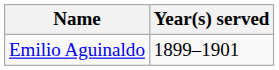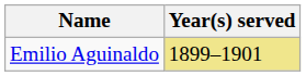 <table class="wikitable sortable">
 <tr>
 <th>Name</th>
 <th>Year(s) served</th>
 </tr>
 <tr>
 <td><a href='#'>Emilio Aguinaldo</a></td>
-<td>1899–1901</td>
+<td style="background: khaki;">1899–1901</td>
 </tr>
 </table>
